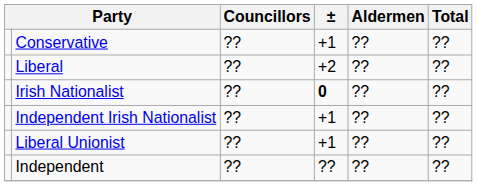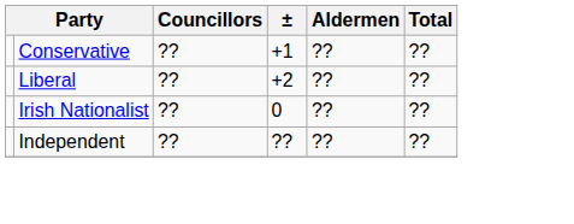 <table class="wikitable">
 <tr>
 <th colspan="2">Party</th>
 <th>Councillors</th>
 <th>  ±  </th>
 <th>Aldermen</th>
 <th>Total</th>
 </tr>
 <tr>
 <td style="background-color: "></td>
 <td><a href='#'>Conservative</a></td>
 <td>??</td>
 <td>+1</td>
 <td>??</td>
 <td>??</td>
 </tr>
 <tr>
 <td style="background-color: "></td>
 <td><a href='#'>Liberal</a></td>
 <td>??</td>
 <td>+2</td>
 <td>??</td>
 <td>??</td>
 </tr>
 <tr>
 <td style="background-color: "></td>
 <td><a href='#'>Irish Nationalist</a></td>
 <td>??</td>
-<td><strong>0</strong></td>
-<td>??</td>
-<td>??</td>
-</tr>
-<tr>
-<td style="background-color: "></td>
-<td><a href='#'>Independent Irish Nationalist</a></td>
-<td>??</td>
-<td>+1</td>
-<td>??</td>
-<td>??</td>
-</tr>
-<tr>
-<td style="background-color: "></td>
-<td><a href='#'>Liberal Unionist</a></td>
-<td>??</td>
-<td>+1</td>
+<td>0</td>
 <td>??</td>
 <td>??</td>
 </tr>
 <tr>
 <td style="background-color: "></td>
 <td>Independent</td>
 <td>??</td>
 <td>??</td>
 <td>??</td>
 <td>??</td>
 </tr>
 <tr>
 </tr>
 </table>
